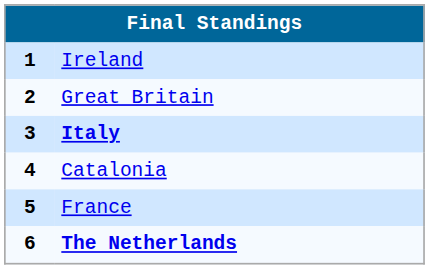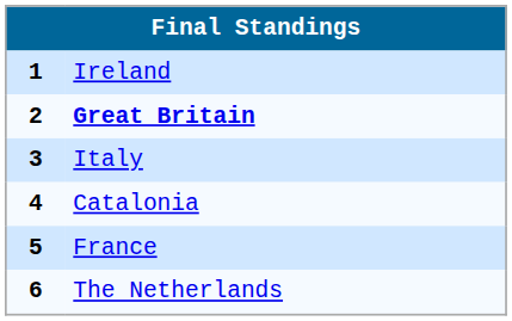 <table align=center cellpadding="4" cellspacing="0" style="background: #f9f9f9; border: 1px #aaa solid; border-collapse: collapse; font-size: 90%;" width=20%>
 <tr align=center style="background:#006699; color:white;">
 <th width=100% colspan=2>Final Standings</th>
 </tr>
 <tr align=center style="background:#D0E7FF;">
 <td><strong>1</strong></td>
 <td align=left> <a href='#'>Ireland</a></td>
 </tr>
 <tr align=center style="background:#F5FAFF;">
 <td><strong>2</strong></td>
-<td align=left> <a href='#'>Great Britain</a></td>
+<td align=left><strong> <a href='#'>Great Britain</a></strong></td>
 </tr>
 <tr align=center style="background:#D0E7FF;">
 <td><strong>3</strong></td>
-<td align=left><strong> <a href='#'>Italy</a></strong></td>
+<td align=left> <a href='#'>Italy</a></td>
 </tr>
 <tr align=center style="background:#F5FAFF;">
 <td><strong>4</strong></td>
 <td align=left> <a href='#'>Catalonia</a></td>
 </tr>
 <tr align=center style="background:#D0E7FF;">
 <td><strong>5</strong></td>
 <td align=left> <a href='#'>France</a></td>
 </tr>
 <tr align=center style="background:#F5FAFF;">
 <td><strong>6</strong></td>
-<td align=left><strong> <a href='#'>The Netherlands</a></strong></td>
+<td align=left> <a href='#'>The Netherlands</a></td>
 </tr>
 </table>
